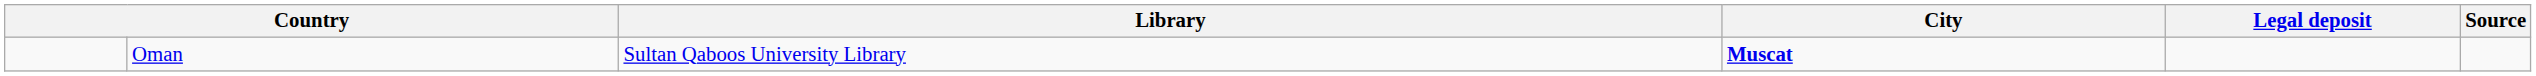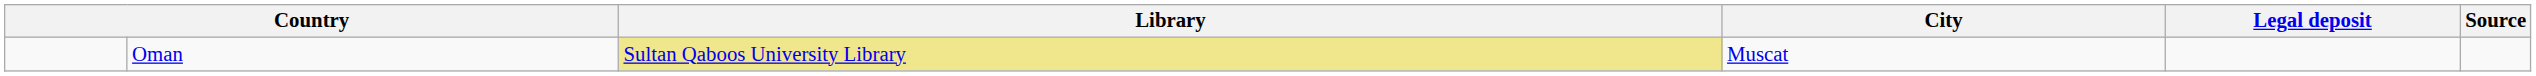 <table class="wikitable" style="width:98%">
 <tr>
 <th colspan=2 style="width:25%">Country</th>
 <th style="width:45%">Library</th>
 <th style="width:18%">City</th>
 <th style="width:12%"><a href='#'>Legal deposit</a></th>
 <th style="width:12%">Source</th>
 </tr>
 <tr>
 <td style="width:5%"></td>
 <td><a href='#'>Oman</a></td>
-<td><a href='#'>Sultan Qaboos University Library</a></td>
-<td><strong><a href='#'>Muscat</a></strong></td>
+<td style="background: khaki;"><a href='#'>Sultan Qaboos University Library</a></td>
+<td><a href='#'>Muscat</a></td>
 <td></td>
 <td align="right"></td>
 </tr>
 </table>
